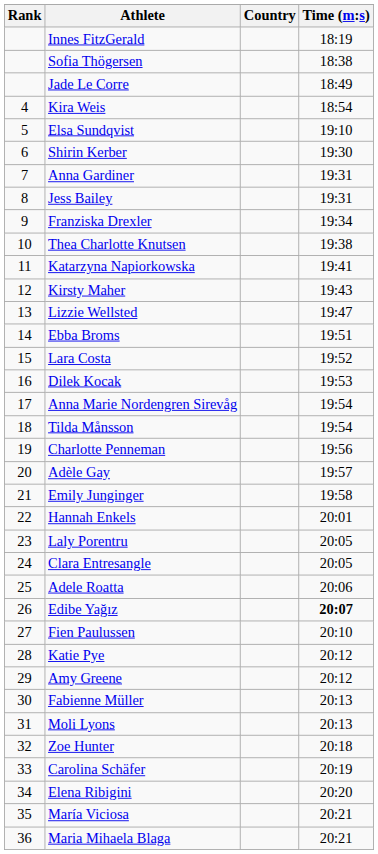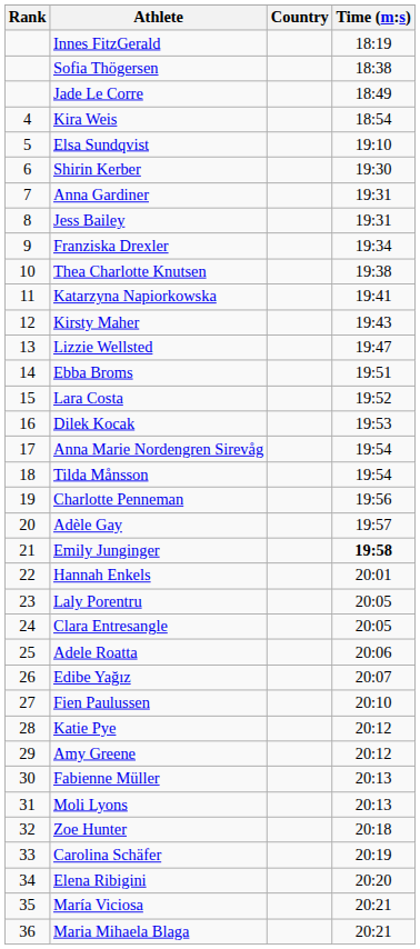 <table class="wikitable sortable" style="text-align:center;">
 <tr>
 </tr>
 <tr>
 <th>Rank</th>
 <th>Athlete</th>
 <th>Country</th>
 <th>Time (<a href='#'>m</a>:<a href='#'>s</a>)</th>
 </tr>
 <tr>
 <td></td>
 <td align=left><a href='#'>Innes FitzGerald</a></td>
 <td align=left></td>
 <td>18:19</td>
 </tr>
 <tr>
 <td></td>
 <td align=left><a href='#'>Sofia Thögersen</a></td>
 <td align=left></td>
 <td>18:38</td>
 </tr>
 <tr>
 <td></td>
 <td align=left><a href='#'>Jade Le Corre</a></td>
 <td align=left></td>
 <td>18:49</td>
 </tr>
 <tr>
 <td>4</td>
 <td align=left><a href='#'>Kira Weis</a></td>
 <td align=left></td>
 <td>18:54</td>
 </tr>
 <tr>
 <td>5</td>
 <td align=left><a href='#'>Elsa Sundqvist</a></td>
 <td align=left></td>
 <td>19:10</td>
 </tr>
 <tr>
 <td>6</td>
 <td align=left><a href='#'>Shirin Kerber</a></td>
 <td align=left></td>
 <td>19:30</td>
 </tr>
 <tr>
 <td>7</td>
 <td align=left><a href='#'>Anna Gardiner</a></td>
 <td align=left></td>
 <td>19:31</td>
 </tr>
 <tr>
 <td>8</td>
 <td align=left><a href='#'>Jess Bailey</a></td>
 <td align=left></td>
 <td>19:31</td>
 </tr>
 <tr>
 <td>9</td>
 <td align=left><a href='#'>Franziska Drexler</a></td>
 <td align=left></td>
 <td>19:34</td>
 </tr>
 <tr>
 <td>10</td>
 <td align=left><a href='#'>Thea Charlotte Knutsen</a></td>
 <td align=left></td>
 <td>19:38</td>
 </tr>
 <tr>
 <td>11</td>
 <td align=left><a href='#'>Katarzyna Napiorkowska</a></td>
 <td align=left></td>
 <td>19:41</td>
 </tr>
 <tr>
 <td>12</td>
 <td align=left><a href='#'>Kirsty Maher</a></td>
 <td align=left></td>
 <td>19:43</td>
 </tr>
 <tr>
 <td>13</td>
 <td align=left><a href='#'>Lizzie Wellsted</a></td>
 <td align=left></td>
 <td>19:47</td>
 </tr>
 <tr>
 <td>14</td>
 <td align=left><a href='#'>Ebba Broms</a></td>
 <td align=left></td>
 <td>19:51</td>
 </tr>
 <tr>
 <td>15</td>
 <td align=left><a href='#'>Lara Costa</a></td>
 <td align=left></td>
 <td>19:52</td>
 </tr>
 <tr>
 <td>16</td>
 <td align=left><a href='#'>Dilek Kocak</a></td>
 <td align=left></td>
 <td>19:53</td>
 </tr>
 <tr>
 <td>17</td>
 <td align=left><a href='#'>Anna Marie Nordengren Sirevåg</a></td>
 <td align=left></td>
 <td>19:54</td>
 </tr>
 <tr>
 <td>18</td>
 <td align=left><a href='#'>Tilda Månsson</a></td>
 <td align=left></td>
 <td>19:54</td>
 </tr>
 <tr>
 <td>19</td>
 <td align=left><a href='#'>Charlotte Penneman</a></td>
 <td align=left></td>
 <td>19:56</td>
 </tr>
 <tr>
 <td>20</td>
 <td align=left><a href='#'>Adèle Gay</a></td>
 <td align=left></td>
 <td>19:57</td>
 </tr>
 <tr>
 <td>21</td>
 <td align=left><a href='#'>Emily Junginger</a></td>
 <td align=left></td>
-<td>19:58</td>
+<td><strong>19:58</strong></td>
 </tr>
 <tr>
 <td>22</td>
 <td align=left><a href='#'>Hannah Enkels</a></td>
 <td align=left></td>
 <td>20:01</td>
 </tr>
 <tr>
 <td>23</td>
 <td align=left><a href='#'>Laly Porentru</a></td>
 <td align=left></td>
 <td>20:05</td>
 </tr>
 <tr>
 <td>24</td>
 <td align=left><a href='#'>Clara Entresangle</a></td>
 <td align=left></td>
 <td>20:05</td>
 </tr>
 <tr>
 <td>25</td>
 <td align=left><a href='#'>Adele Roatta</a></td>
 <td align=left></td>
 <td>20:06</td>
 </tr>
 <tr>
 <td>26</td>
 <td align=left><a href='#'>Edibe Yağız</a></td>
 <td align=left></td>
-<td><strong>20:07</strong></td>
+<td>20:07</td>
 </tr>
 <tr>
 <td>27</td>
 <td align=left><a href='#'>Fien Paulussen</a></td>
 <td align=left></td>
 <td>20:10</td>
 </tr>
 <tr>
 <td>28</td>
 <td align=left><a href='#'>Katie Pye</a></td>
 <td align=left></td>
 <td>20:12</td>
 </tr>
 <tr>
 <td>29</td>
 <td align=left><a href='#'>Amy Greene</a></td>
 <td align=left></td>
 <td>20:12</td>
 </tr>
 <tr>
 <td>30</td>
 <td align=left><a href='#'>Fabienne Müller</a></td>
 <td align=left></td>
 <td>20:13</td>
 </tr>
 <tr>
 <td>31</td>
 <td align=left><a href='#'>Moli Lyons</a></td>
 <td align=left></td>
 <td>20:13</td>
 </tr>
 <tr>
 <td>32</td>
 <td align=left><a href='#'>Zoe Hunter</a></td>
 <td align=left></td>
 <td>20:18</td>
 </tr>
 <tr>
 <td>33</td>
 <td align=left><a href='#'>Carolina Schäfer</a></td>
 <td align=left></td>
 <td>20:19</td>
 </tr>
 <tr>
 <td>34</td>
 <td align=left><a href='#'>Elena Ribigini</a></td>
 <td align=left></td>
 <td>20:20</td>
 </tr>
 <tr>
 <td>35</td>
 <td align=left><a href='#'>María Viciosa</a></td>
 <td align=left></td>
 <td>20:21</td>
 </tr>
 <tr>
 <td>36</td>
 <td align=left><a href='#'>Maria Mihaela Blaga</a></td>
 <td align=left></td>
 <td>20:21</td>
 </tr>
 </table>
